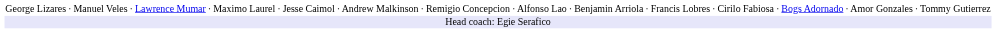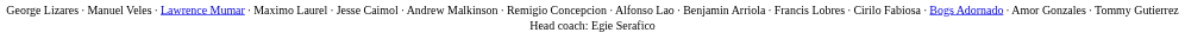 <table class="toccolours" style="margin:0.2em auto">
 <tr align=center>
 <td>George Lizares ∙ Manuel Veles ∙ <a href='#'>Lawrence Mumar</a> ∙ Maximo Laurel ∙ Jesse Caimol ∙ Andrew Malkinson ∙ Remigio Concepcion ∙ Alfonso Lao ∙ Benjamin Arriola ∙ Francis Lobres ∙ Cirilo Fabiosa ∙ <a href='#'>Bogs Adornado</a> ∙ Amor Gonzales ∙ Tommy Gutierrez</td>
 </tr>
 <tr align=center>
-<td style="background: lavender;">Head coach: Egie Serafico</td>
+<td>Head coach: Egie Serafico</td>
 </tr>
 </table>
